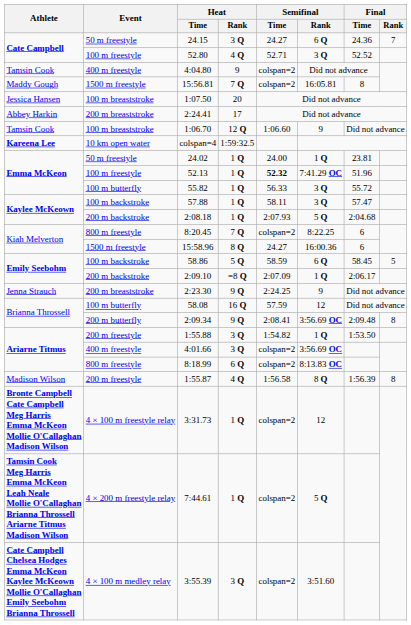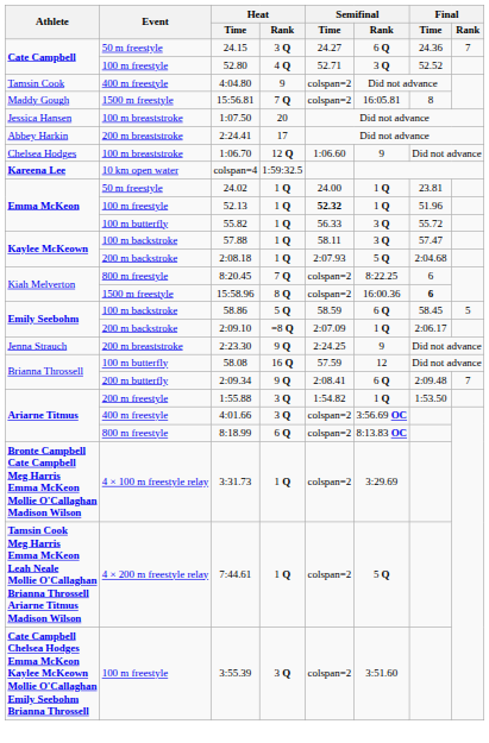 <table class=wikitable style=font-size:90%;text-align:center>
 <tr>
 <th rowspan=2>Athlete</th>
 <th rowspan=2>Event</th>
 <th colspan=2>Heat</th>
 <th colspan=2>Semifinal</th>
 <th colspan=2>Final</th>
 </tr>
 <tr style=font-size:95%>
 <th>Time</th>
 <th>Rank</th>
 <th>Time</th>
 <th>Rank</th>
 <th>Time</th>
 <th>Rank</th>
 </tr>
 <tr>
 <td align=left rowspan=2><strong><a href='#'>Cate Campbell</a></strong></td>
 <td align=left><a href='#'>50 m freestyle</a></td>
 <td>24.15</td>
 <td>3 <strong>Q</strong></td>
 <td>24.27</td>
 <td>6 <strong>Q</strong></td>
 <td>24.36</td>
 <td>7</td>
 </tr>
 <tr>
 <td align=left><a href='#'>100 m freestyle</a></td>
 <td>52.80</td>
 <td>4 <strong>Q</strong></td>
 <td>52.71</td>
 <td>3 <strong>Q</strong></td>
 <td>52.52</td>
 <td></td>
 </tr>
 <tr>
 <td align=left><a href='#'>Tamsin Cook</a></td>
 <td align=left><a href='#'>400 m freestyle</a></td>
 <td>4:04.80</td>
 <td>9</td>
 <td>colspan=2 </td>
 <td colspan="2">Did not advance</td>
 </tr>
 <tr>
 <td align=left><a href='#'>Maddy Gough</a></td>
 <td align=left><a href='#'>1500 m freestyle</a></td>
 <td>15:56.81</td>
 <td>7 <strong>Q</strong></td>
 <td>colspan=2 </td>
 <td>16:05.81</td>
 <td>8</td>
 </tr>
 <tr>
 <td align=left><a href='#'>Jessica Hansen</a></td>
 <td align=left><a href='#'>100 m breaststroke</a></td>
 <td>1:07.50</td>
 <td>20</td>
 <td colspan="4">Did not advance</td>
 </tr>
 <tr>
 <td align=left><a href='#'>Abbey Harkin</a></td>
 <td align=left><a href='#'>200 m breaststroke</a></td>
 <td>2:24.41</td>
 <td>17</td>
 <td colspan="4">Did not advance</td>
 </tr>
 <tr>
-<td align=left><a href='#'>Tamsin Cook</a></td>
+<td align=left><a href='#'>Chelsea Hodges</a></td>
 <td align=left><a href='#'>100 m breaststroke</a></td>
 <td>1:06.70</td>
 <td>12 <strong>Q</strong></td>
 <td>1:06.60</td>
 <td>9</td>
 <td colspan="2">Did not advance</td>
 </tr>
 <tr>
 <td align=left><strong><a href='#'>Kareena Lee</a></strong></td>
 <td align=left><a href='#'>10 km open water</a></td>
 <td>colspan=4 </td>
 <td>1:59:32.5</td>
 <td></td>
 </tr>
 <tr>
 <td align=left rowspan=3><strong><a href='#'>Emma McKeon</a></strong></td>
 <td align=left><a href='#'>50 m freestyle</a></td>
 <td>24.02 </td>
 <td>1 <strong>Q</strong></td>
 <td>24.00 </td>
 <td>1 <strong>Q</strong></td>
 <td>23.81 </td>
 <td></td>
 </tr>
 <tr>
 <td align=left><a href='#'>100 m freestyle</a></td>
 <td>52.13 </td>
 <td>1 <strong>Q</strong></td>
 <td><strong>52.32</strong></td>
-<td>7:41.29 <strong><a href='#'>OC</a></strong></td>
+<td>1 <strong>Q</strong></td>
 <td>51.96 </td>
 <td></td>
 </tr>
 <tr>
 <td align=left><a href='#'>100 m butterfly</a></td>
 <td>55.82</td>
 <td>1 <strong>Q</strong></td>
 <td>56.33</td>
 <td>3 <strong>Q</strong></td>
 <td>55.72</td>
 <td></td>
 </tr>
 <tr>
 <td align=left rowspan=2><strong><a href='#'>Kaylee McKeown</a></strong></td>
 <td align=left><a href='#'>100 m backstroke</a></td>
 <td>57.88</td>
 <td>1 <strong>Q</strong> </td>
 <td>58.11</td>
 <td>3 <strong>Q</strong></td>
 <td>57.47 </td>
 <td></td>
 </tr>
 <tr>
 <td align=left><a href='#'>200 m backstroke</a></td>
 <td>2:08.18</td>
 <td>1 <strong>Q</strong></td>
 <td>2:07.93</td>
 <td>5 <strong>Q</strong></td>
 <td>2:04.68</td>
 <td></td>
 </tr>
 <tr>
 <td align=left rowspan=2><a href='#'>Kiah Melverton</a></td>
 <td align=left><a href='#'>800 m freestyle</a></td>
 <td>8:20.45</td>
 <td>7 <strong>Q</strong></td>
 <td>colspan=2 </td>
 <td>8:22.25</td>
 <td>6</td>
 </tr>
 <tr>
 <td align=left><a href='#'>1500 m freestyle</a></td>
 <td>15:58.96</td>
 <td>8 <strong>Q</strong></td>
-<td>24.27</td>
+<td>colspan=2 </td>
 <td>16:00.36</td>
-<td>6</td>
+<td><strong>6</strong></td>
 </tr>
 <tr>
 <td align=left rowspan=2><strong><a href='#'>Emily Seebohm</a></strong></td>
 <td align=left><a href='#'>100 m backstroke</a></td>
 <td>58.86</td>
 <td>5 <strong>Q</strong></td>
 <td>58.59</td>
 <td>6 <strong>Q</strong></td>
 <td>58.45</td>
 <td>5</td>
 </tr>
 <tr>
 <td align=left><a href='#'>200 m backstroke</a></td>
 <td>2:09.10</td>
 <td>=8 <strong>Q</strong></td>
 <td>2:07.09</td>
 <td>1 <strong>Q</strong></td>
 <td>2:06.17</td>
 <td></td>
 </tr>
 <tr>
 <td align=left><a href='#'>Jenna Strauch</a></td>
 <td align=left><a href='#'>200 m breaststroke</a></td>
 <td>2:23.30</td>
 <td>9 <strong>Q</strong></td>
 <td>2:24.25</td>
 <td>9</td>
 <td colspan="2">Did not advance</td>
 </tr>
 <tr>
 <td align=left rowspan=2><a href='#'>Brianna Throssell</a></td>
 <td align=left><a href='#'>100 m butterfly</a></td>
 <td>58.08</td>
 <td>16 <strong>Q</strong></td>
 <td>57.59</td>
 <td>12</td>
 <td colspan="2">Did not advance</td>
 </tr>
 <tr>
 <td align=left><a href='#'>200 m butterfly</a></td>
 <td>2:09.34</td>
 <td>9 <strong>Q</strong></td>
 <td>2:08.41</td>
-<td>3:56.69 <strong><a href='#'>OC</a></strong></td>
+<td>6 <strong>Q</strong></td>
 <td>2:09.48</td>
-<td>8</td>
+<td>7</td>
 </tr>
 <tr>
 <td align=left rowspan=3><strong><a href='#'>Ariarne Titmus</a></strong></td>
 <td align=left><a href='#'>200 m freestyle</a></td>
 <td>1:55.88</td>
 <td>3 <strong>Q</strong></td>
 <td>1:54.82</td>
 <td>1 <strong>Q</strong></td>
 <td>1:53.50 </td>
 <td></td>
 </tr>
 <tr>
 <td align=left><a href='#'>400 m freestyle</a></td>
 <td>4:01.66</td>
 <td>3 <strong>Q</strong></td>
 <td>colspan=2 </td>
 <td>3:56.69 <strong><a href='#'>OC</a></strong></td>
 <td></td>
 </tr>
 <tr>
 <td align=left><a href='#'>800 m freestyle</a></td>
 <td>8:18.99</td>
 <td>6 <strong>Q</strong></td>
 <td>colspan=2 </td>
 <td>8:13.83 <strong><a href='#'>OC</a></strong></td>
 <td></td>
 </tr>
 <tr>
-<td align=left><a href='#'>Madison Wilson</a></td>
-<td align=left><a href='#'>200 m freestyle</a></td>
-<td>1:55.87</td>
-<td>4 <strong>Q</strong></td>
-<td>1:56.58</td>
-<td>8 <strong>Q</strong></td>
-<td>1:56.39</td>
-<td>8</td>
-</tr>
-<tr>
 <td align=left><strong><a href='#'>Bronte Campbell</a><br><a href='#'>Cate Campbell</a><br><a href='#'>Meg Harris</a><br><a href='#'>Emma McKeon</a><br><a href='#'>Mollie O'Callaghan</a><br><a href='#'>Madison Wilson</a></strong></td>
 <td align=left><a href='#'>4 × 100 m freestyle relay</a></td>
 <td>3:31.73</td>
 <td>1 <strong>Q</strong></td>
 <td>colspan=2 </td>
-<td>12</td>
+<td>3:29.69 </td>
 <td></td>
 </tr>
 <tr>
 <td align=left><strong><a href='#'>Tamsin Cook</a><br><a href='#'>Meg Harris</a><br><a href='#'>Emma McKeon</a><br><a href='#'>Leah Neale</a><br><a href='#'>Mollie O'Callaghan</a><br><a href='#'>Brianna Throssell</a><br><a href='#'>Ariarne Titmus</a><br><a href='#'>Madison Wilson</a></strong></td>
 <td align=left><a href='#'>4 × 200 m freestyle relay</a></td>
 <td>7:44.61</td>
 <td>1 <strong>Q</strong></td>
 <td>colspan=2 </td>
 <td>5 <strong>Q</strong></td>
 <td></td>
 </tr>
 <tr>
 <td align=left><strong><a href='#'>Cate Campbell</a><br><a href='#'>Chelsea Hodges</a><br><a href='#'>Emma McKeon</a><br><a href='#'>Kaylee McKeown</a><br><a href='#'>Mollie O'Callaghan</a><br><a href='#'>Emily Seebohm</a><br><a href='#'>Brianna Throssell</a></strong></td>
-<td align=left><a href='#'>4 × 100 m medley relay</a></td>
+<td align=left><a href='#'>100 m freestyle</a></td>
 <td>3:55.39</td>
 <td>3 <strong>Q</strong></td>
 <td>colspan=2 </td>
 <td>3:51.60 </td>
 <td></td>
 </tr>
 </table>
